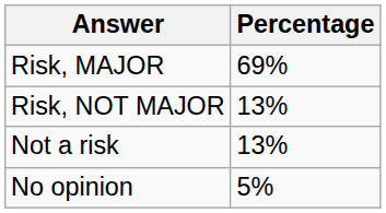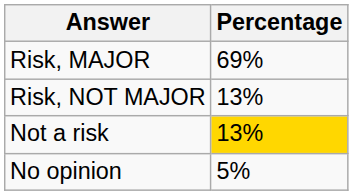 <table class="wikitable">
 <tr>
 <th>Answer</th>
 <th>Percentage</th>
 </tr>
 <tr>
 <td>Risk, MAJOR</td>
 <td>69%</td>
 </tr>
 <tr>
 <td>Risk, NOT MAJOR</td>
 <td>13%</td>
 </tr>
 <tr>
 <td>Not a risk</td>
-<td>13%</td>
+<td style="background: gold;">13%</td>
 </tr>
 <tr>
 <td>No opinion</td>
 <td>5%</td>
 </tr>
 </table>
